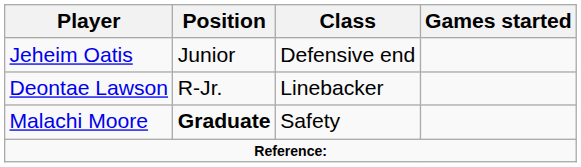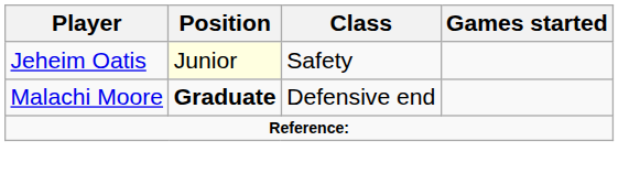 <table class="wikitable">
 <tr>
 <th style="text-align:center; ">Player</th>
 <th style="text-align:center; ">Position</th>
 <th style="text-align:center; ">Class</th>
 <th style="text-align:center; ">Games started</th>
 </tr>
 <tr>
 <td><a href='#'>Jeheim Oatis</a></td>
-<td>Junior</td>
-<td>Defensive end</td>
-<td></td>
-</tr>
-<tr>
-<td><a href='#'>Deontae Lawson</a></td>
-<td>R-Jr.</td>
-<td>Linebacker</td>
+<td style="background: lightyellow;">Junior</td>
+<td>Safety</td>
 <td></td>
 </tr>
 <tr>
 <td><a href='#'>Malachi Moore</a></td>
 <td><strong>Graduate</strong></td>
-<td>Safety</td>
+<td>Defensive end</td>
 <td></td>
 </tr>
 <tr>
 <td colspan="4"  style="font-size:8pt; text-align:center;"><strong>Reference:</strong></td>
 </tr>
 </table>
